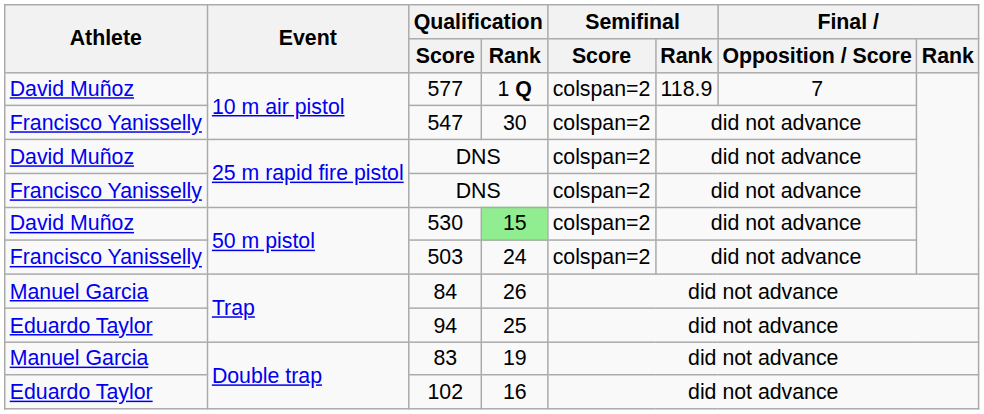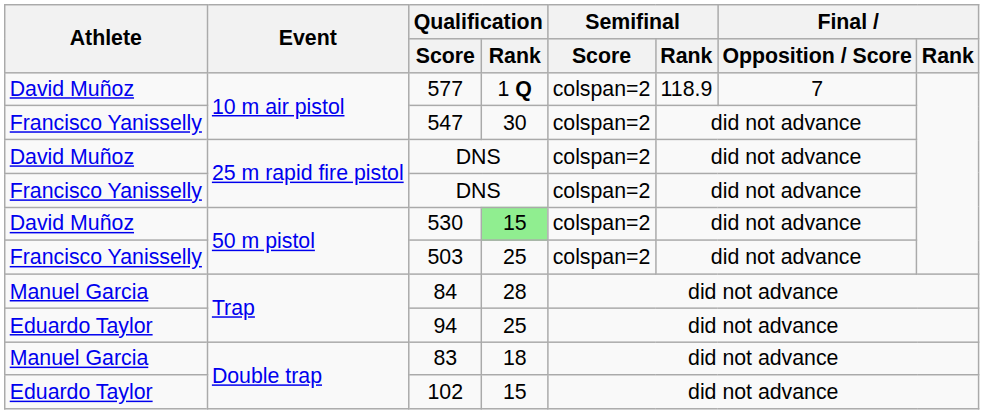 <table class="wikitable" style="font-size:90%">
 <tr>
 <th rowspan="2">Athlete</th>
 <th rowspan="2">Event</th>
 <th colspan="2">Qualification</th>
 <th colspan="2">Semifinal</th>
 <th colspan="2">Final / </th>
 </tr>
 <tr>
 <th>Score</th>
 <th>Rank</th>
 <th>Score</th>
 <th>Rank</th>
 <th>Opposition / Score</th>
 <th>Rank</th>
 </tr>
 <tr align=center>
 <td align=left><a href='#'>David Muñoz</a></td>
 <td align=left rowspan=2><a href='#'>10 m air pistol</a></td>
 <td>577</td>
 <td>1 <strong>Q</strong></td>
 <td>colspan=2 </td>
 <td>118.9</td>
 <td>7</td>
 </tr>
 <tr align=center>
 <td align=left><a href='#'>Francisco Yanisselly</a></td>
 <td>547</td>
 <td>30</td>
 <td>colspan=2 </td>
 <td colspan=2>did not advance</td>
 </tr>
 <tr align=center>
 <td align=left><a href='#'>David Muñoz</a></td>
 <td align=left rowspan=2><a href='#'>25 m rapid fire pistol</a></td>
 <td colspan=2>DNS</td>
 <td>colspan=2 </td>
 <td colspan=2>did not advance</td>
 </tr>
 <tr align=center>
 <td align=left><a href='#'>Francisco Yanisselly</a></td>
 <td colspan=2>DNS</td>
 <td>colspan=2 </td>
 <td colspan=2>did not advance</td>
 </tr>
 <tr align=center>
 <td align=left><a href='#'>David Muñoz</a></td>
 <td align=left rowspan=2><a href='#'>50 m pistol</a></td>
 <td>530</td>
 <td style="background: lightgreen;">15</td>
 <td>colspan=2 </td>
 <td colspan=2>did not advance</td>
 </tr>
 <tr align=center>
 <td align=left><a href='#'>Francisco Yanisselly</a></td>
 <td>503</td>
-<td>24</td>
+<td>25</td>
 <td>colspan=2 </td>
 <td colspan=2>did not advance</td>
 </tr>
 <tr align=center>
 <td align=left><a href='#'>Manuel Garcia</a></td>
 <td align=left rowspan=2><a href='#'>Trap</a></td>
 <td>84</td>
-<td>26</td>
+<td>28</td>
 <td colspan=4>did not advance</td>
 </tr>
 <tr align=center>
 <td align=left><a href='#'>Eduardo Taylor</a></td>
 <td>94</td>
 <td>25</td>
 <td colspan=4>did not advance</td>
 </tr>
 <tr align=center>
 <td align=left><a href='#'>Manuel Garcia</a></td>
 <td align=left rowspan=2><a href='#'>Double trap</a></td>
 <td>83</td>
-<td>19</td>
+<td>18</td>
 <td colspan=4>did not advance</td>
 </tr>
 <tr align=center>
 <td align=left><a href='#'>Eduardo Taylor</a></td>
 <td>102</td>
-<td>16</td>
+<td>15</td>
 <td colspan=4>did not advance</td>
 </tr>
 </table>
